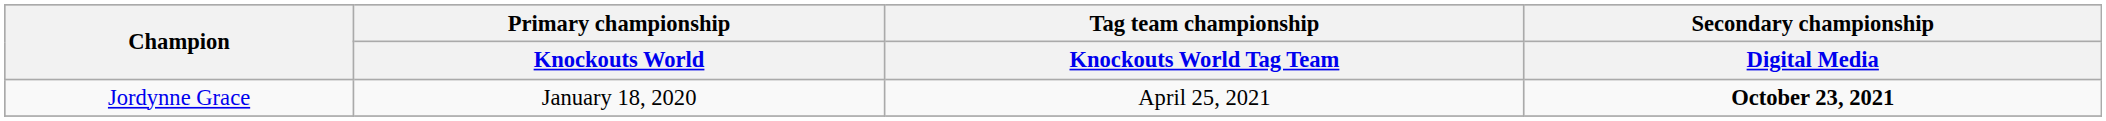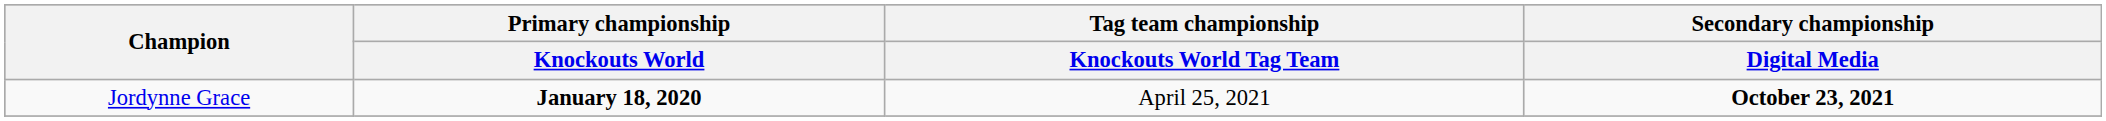 <table class="wikitable" style="font-size:85%; text-align:center; width:100%;">
 <tr>
 <th rowspan="2">Champion</th>
 <th>Primary championship</th>
 <th>Tag team championship</th>
 <th>Secondary championship</th>
 </tr>
 <tr>
 <th><a href='#'>Knockouts World</a></th>
 <th><a href='#'>Knockouts World  Tag Team</a></th>
 <th><a href='#'>Digital Media</a></th>
 </tr>
 <tr>
 <td><a href='#'>Jordynne Grace</a></td>
-<td>January 18, 2020</td>
+<td><strong>January 18, 2020</strong></td>
 <td>April 25, 2021</td>
 <td><strong>October 23, 2021</strong></td>
 </tr>
 </table>
